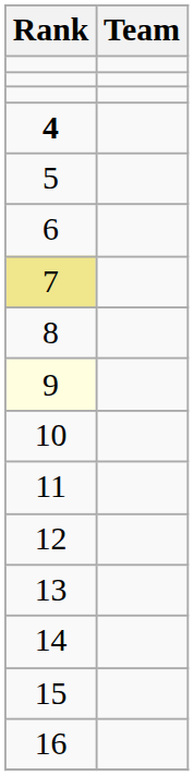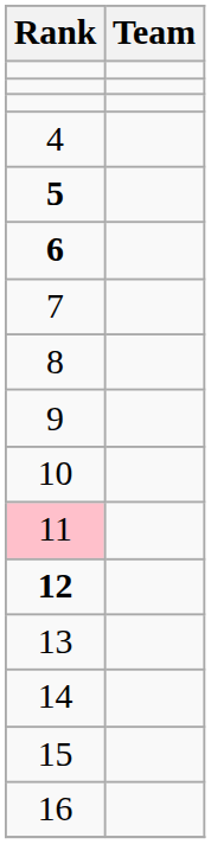 <table class="wikitable">
 <tr>
 <th>Rank</th>
 <th>Team</th>
 </tr>
 <tr>
 <td align=center></td>
 <td></td>
 </tr>
 <tr>
 <td align=center></td>
 <td></td>
 </tr>
 <tr>
 <td align=center></td>
 <td></td>
 </tr>
 <tr>
-<td align=center><strong>4</strong></td>
+<td align=center>4</td>
 <td></td>
 </tr>
 <tr>
-<td align=center>5</td>
+<td align=center><strong>5</strong></td>
 <td></td>
 </tr>
 <tr>
-<td align=center>6</td>
+<td align=center><strong>6</strong></td>
 <td></td>
 </tr>
 <tr>
-<td align=center style="background: khaki;">7</td>
+<td align=center>7</td>
 <td></td>
 </tr>
 <tr>
 <td align=center>8</td>
 <td></td>
 </tr>
 <tr>
-<td align=center style="background: lightyellow;">9</td>
+<td align=center>9</td>
 <td></td>
 </tr>
 <tr>
 <td align=center>10</td>
 <td></td>
 </tr>
 <tr>
-<td align=center>11</td>
+<td align=center style="background: pink;">11</td>
 <td></td>
 </tr>
 <tr>
-<td align=center>12</td>
+<td align=center><strong>12</strong></td>
 <td></td>
 </tr>
 <tr>
 <td align=center>13</td>
 <td></td>
 </tr>
 <tr>
 <td align=center>14</td>
 <td></td>
 </tr>
 <tr>
 <td align=center>15</td>
 <td></td>
 </tr>
 <tr>
 <td align=center>16</td>
 <td></td>
 </tr>
 <tr>
 </tr>
 </table>
